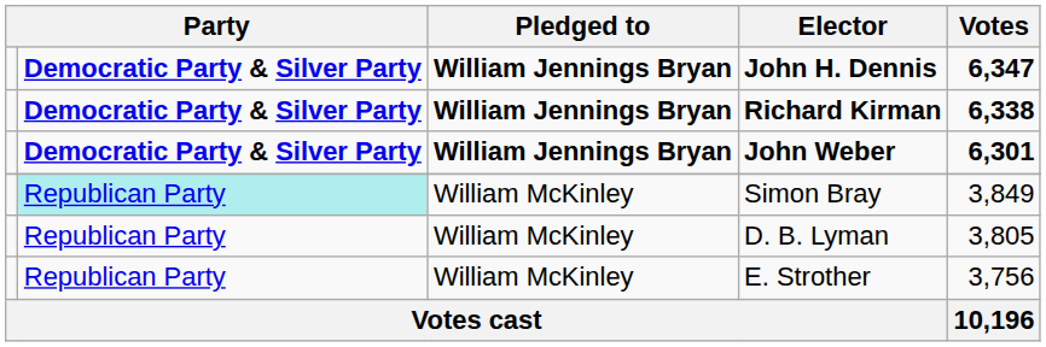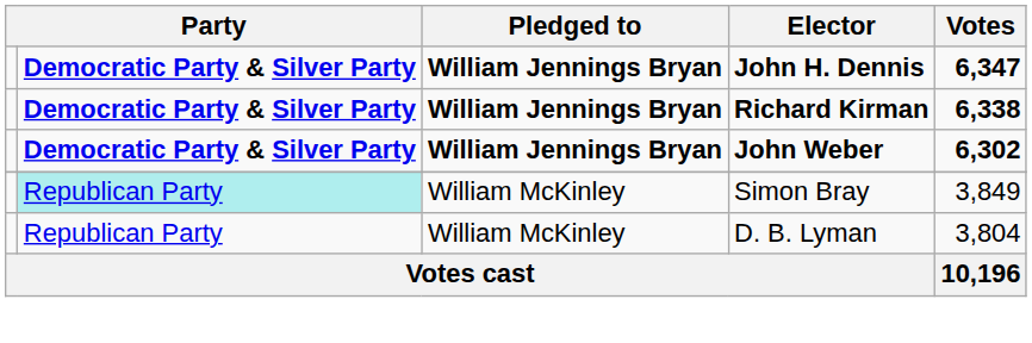 <table class="wikitable">
 <tr>
 <th colspan=2>Party</th>
 <th>Pledged to</th>
 <th>Elector</th>
 <th>Votes</th>
 </tr>
 <tr style="font-weight:bold">
 <td></td>
 <td><a href='#'>Democratic Party</a> & <a href='#'>Silver Party</a></td>
 <td>William Jennings Bryan</td>
 <td>John H. Dennis</td>
 <td align="right">6,347</td>
 </tr>
 <tr style="font-weight:bold">
 <td></td>
 <td><a href='#'>Democratic Party</a> & <a href='#'>Silver Party</a></td>
 <td>William Jennings Bryan</td>
 <td>Richard Kirman</td>
 <td align="right">6,338</td>
 </tr>
 <tr style="font-weight:bold">
 <td></td>
 <td><a href='#'>Democratic Party</a> & <a href='#'>Silver Party</a></td>
 <td>William Jennings Bryan</td>
 <td>John Weber</td>
-<td align="right">6,301</td>
+<td align="right">6,302</td>
 </tr>
 <tr style="font-weight:bold">
 </tr>
 <tr>
 <td></td>
 <td style="background: paleturquoise;"><a href='#'>Republican Party</a></td>
 <td>William McKinley</td>
 <td>Simon Bray</td>
 <td align="right">3,849</td>
 </tr>
 <tr>
 <td></td>
 <td><a href='#'>Republican Party</a></td>
 <td>William McKinley</td>
 <td>D. B. Lyman</td>
-<td align="right">3,805</td>
-</tr>
-<tr>
-<td></td>
-<td><a href='#'>Republican Party</a></td>
-<td>William McKinley</td>
-<td>E. Strother</td>
-<td align="right">3,756</td>
+<td align="right">3,804</td>
 </tr>
 <tr>
 <th colspan="4">Votes cast</th>
 <th>10,196</th>
 </tr>
 </table>
